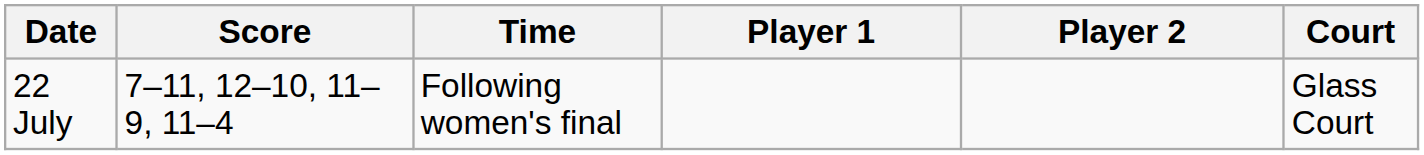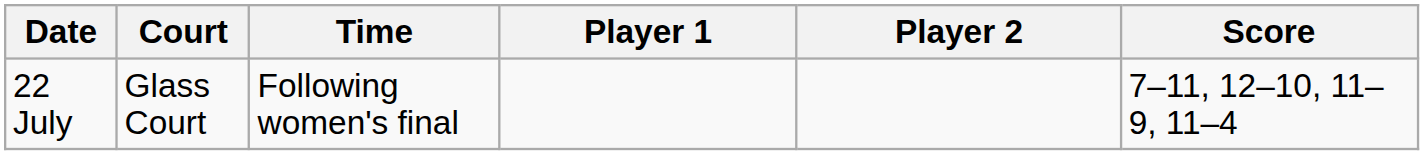 <table class="sortable wikitable" style="font-size:90%">
 <tr>
 <th width="45" class="unsortable">Date</th>
-<th width="150" class="unsortable">Score</th>
+<th width="55">Court</th>
 <th width="115">Time</th>
 <th width="150">Player 1</th>
 <th width="165">Player 2</th>
-<th width="55">Court</th>
+<th width="150" class="unsortable">Score</th>
 </tr>
 <tr>
 <td>22 July</td>
-<td>7–11, 12–10, 11–9, 11–4</td>
+<td>Glass Court</td>
 <td>Following women's final</td>
 <td><strong></strong></td>
 <td></td>
-<td>Glass Court</td>
+<td>7–11, 12–10, 11–9, 11–4</td>
 </tr>
 </table>
